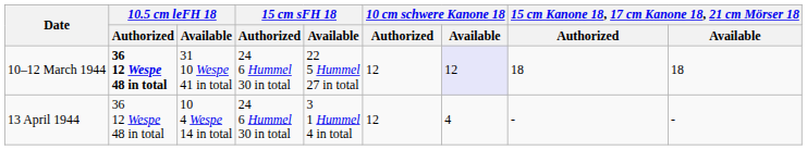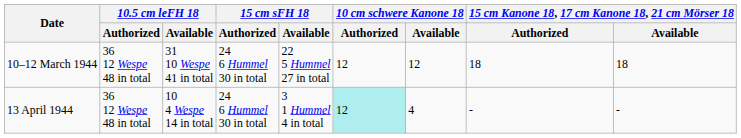 <table class="wikitable">
 <tr>
 <th rowspan="2">Date</th>
 <th colspan="2"><em><a href='#'>10.5 cm leFH 18</a></em></th>
 <th colspan="2"><em><a href='#'>15 cm sFH 18</a></em></th>
 <th colspan="2"><em><a href='#'>10 cm schwere Kanone 18</a></em></th>
 <th colspan="2"><em><a href='#'>15 cm Kanone 18</a></em>, <em><a href='#'>17 cm Kanone 18</a></em>, <em><a href='#'>21 cm Mörser 18</a></em></th>
 </tr>
 <tr>
 <th>Authorized</th>
 <th>Available</th>
 <th>Authorized</th>
 <th>Available</th>
 <th>Authorized</th>
 <th>Available</th>
 <th>Authorized</th>
 <th>Available</th>
 </tr>
 <tr>
 <td>10–12 March 1944</td>
-<td><strong>36<br>12 <em><a href='#'>Wespe</a></em><br>48 in total</strong></td>
+<td>36<br>12 <em><a href='#'>Wespe</a></em><br>48 in total</td>
 <td>31<br>10 <em><a href='#'>Wespe</a></em><br>41 in total</td>
 <td>24<br>6 <a href='#'><em>Hummel</em></a><br>30 in total</td>
 <td>22<br>5 <a href='#'><em>Hummel</em></a><br>27 in total</td>
 <td>12</td>
-<td style="background: lavender;">12</td>
+<td>12</td>
 <td>18</td>
 <td>18</td>
 </tr>
 <tr>
 <td>13 April 1944</td>
 <td>36<br>12 <em><a href='#'>Wespe</a></em><br>48 in total</td>
 <td>10<br>4 <em><a href='#'>Wespe</a></em><br>14 in total</td>
 <td>24<br>6 <a href='#'><em>Hummel</em></a><br>30 in total</td>
 <td>3<br>1 <a href='#'><em>Hummel</em></a><br>4 in total</td>
-<td>12</td>
+<td style="background: paleturquoise;">12</td>
 <td>4</td>
 <td>-</td>
 <td>-</td>
 </tr>
 </table>
